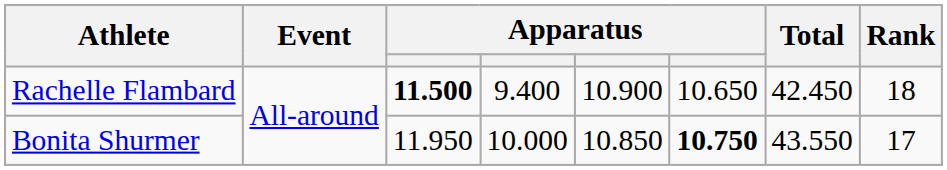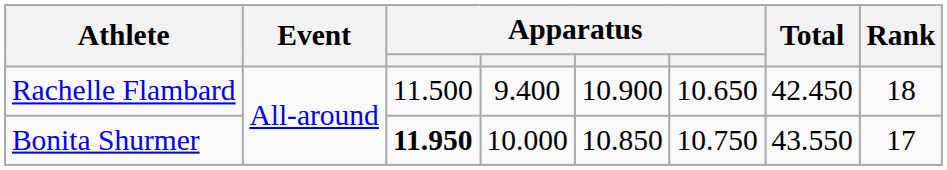 <table class="wikitable" style="font-size:90%">
 <tr>
 <th rowspan=2>Athlete</th>
 <th rowspan=2>Event</th>
 <th colspan=4>Apparatus</th>
 <th rowspan=2>Total</th>
 <th rowspan=2>Rank</th>
 </tr>
 <tr style="font-size:95%">
 <th></th>
 <th></th>
 <th></th>
 <th></th>
 </tr>
 <tr align=center>
 <td align=left><a href='#'>Rachelle Flambard</a></td>
 <td align=left rowspan=2><a href='#'>All-around</a></td>
-<td><strong>11.500</strong></td>
+<td>11.500</td>
 <td>9.400</td>
 <td>10.900</td>
 <td>10.650</td>
 <td>42.450</td>
 <td>18</td>
 </tr>
 <tr align=center>
 <td align=left><a href='#'>Bonita Shurmer</a></td>
-<td>11.950</td>
+<td><strong>11.950</strong></td>
 <td>10.000</td>
 <td>10.850</td>
-<td><strong>10.750</strong></td>
+<td>10.750</td>
 <td>43.550</td>
 <td>17</td>
 </tr>
 </table>
